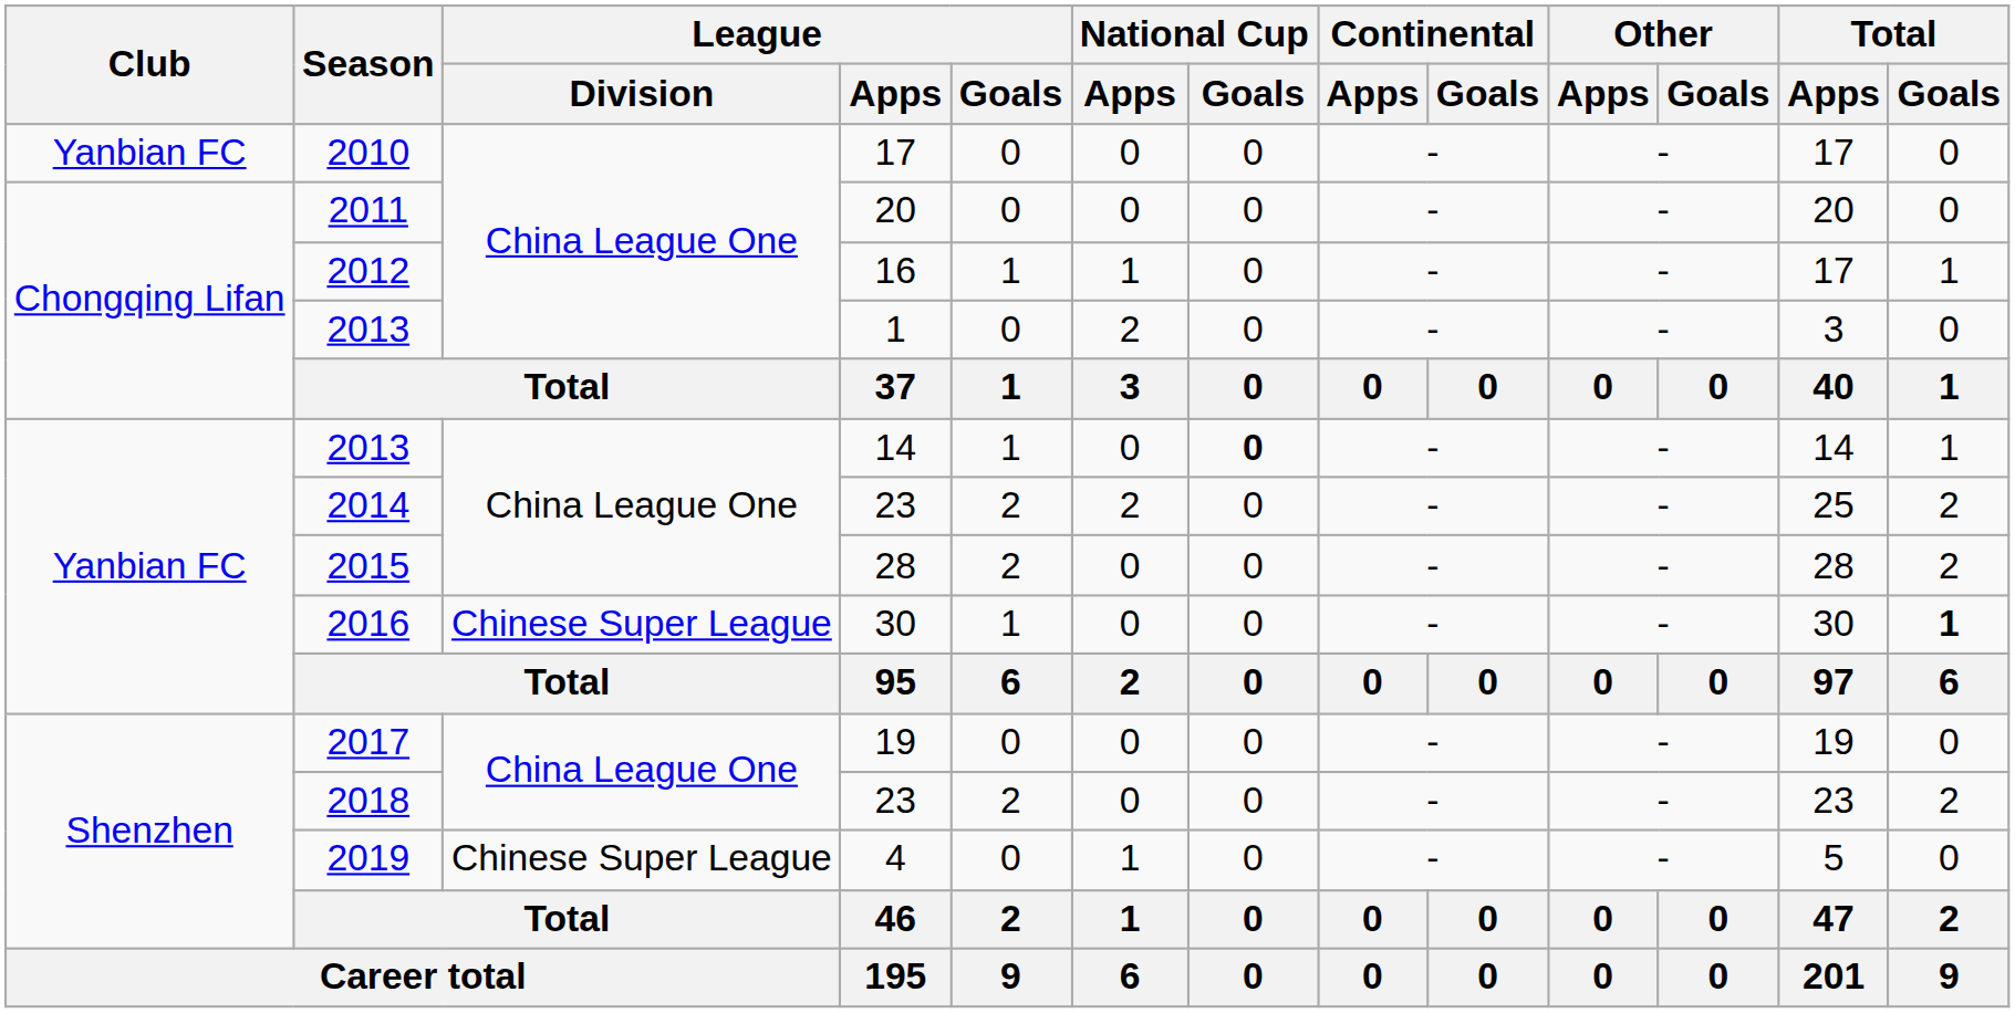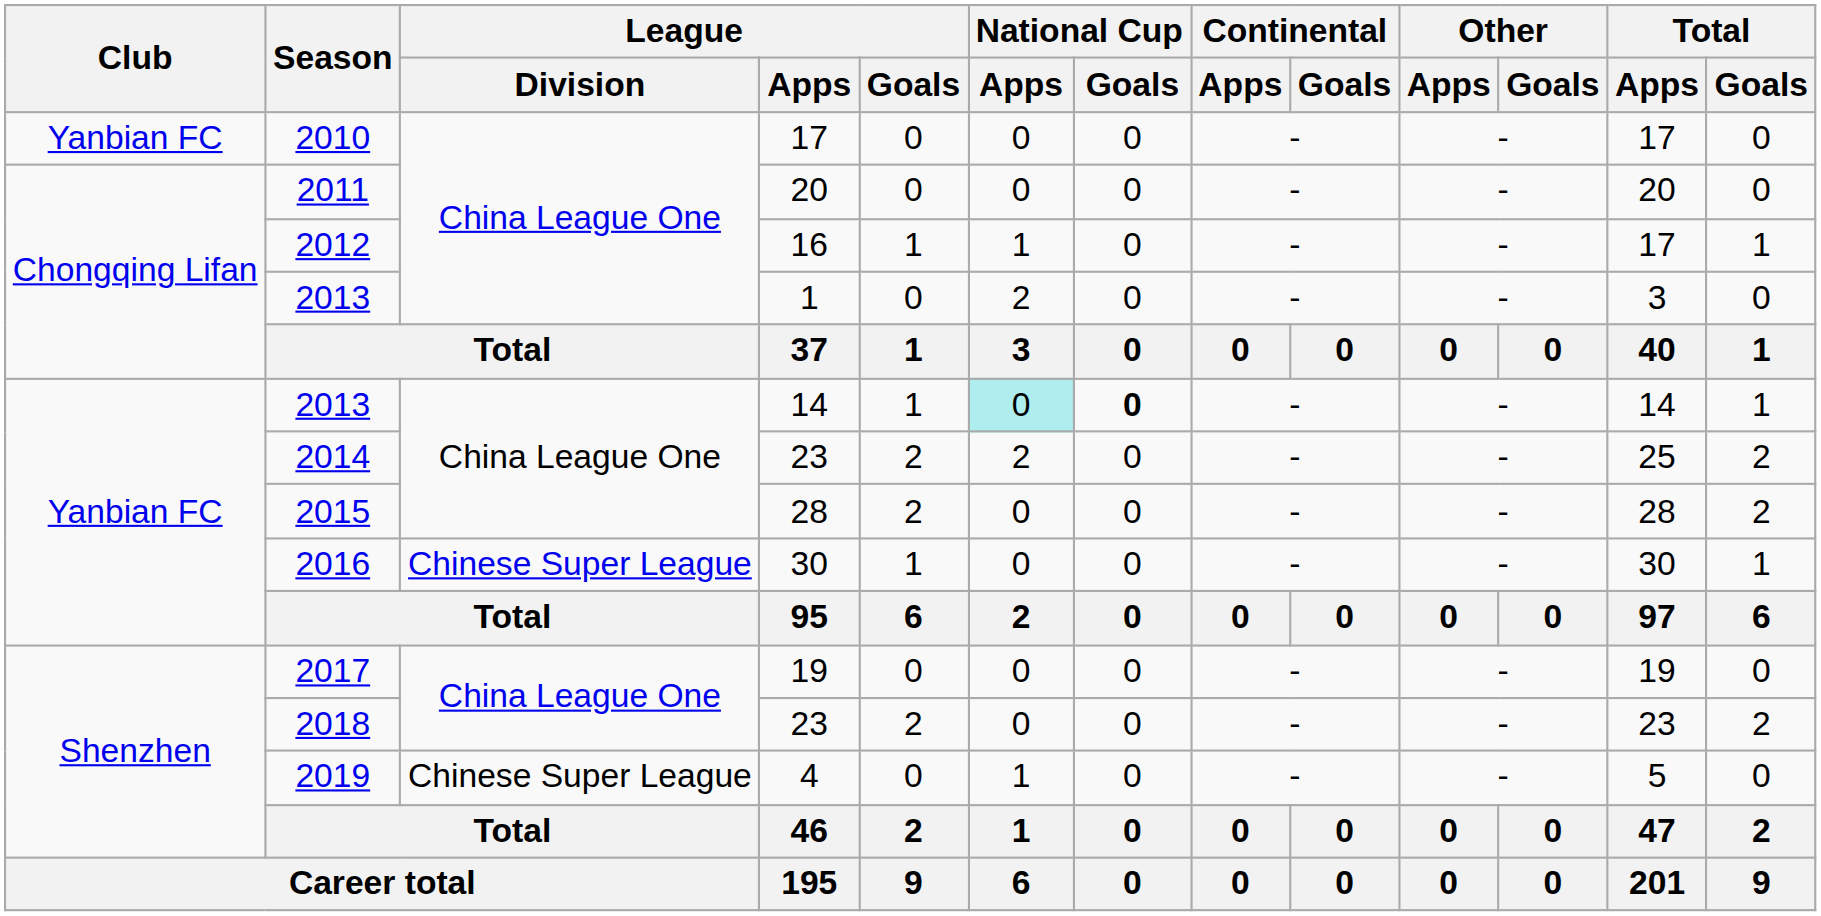 <table class="wikitable" style="text-align: center">
 <tr>
 <th rowspan="2">Club</th>
 <th rowspan="2">Season</th>
 <th colspan="3">League</th>
 <th colspan="2">National Cup</th>
 <th colspan="2">Continental</th>
 <th colspan="2">Other</th>
 <th colspan="2">Total</th>
 </tr>
 <tr>
 <th>Division</th>
 <th>Apps</th>
 <th>Goals</th>
 <th>Apps</th>
 <th>Goals</th>
 <th>Apps</th>
 <th>Goals</th>
 <th>Apps</th>
 <th>Goals</th>
 <th>Apps</th>
 <th>Goals</th>
 </tr>
 <tr>
 <td rowspan="1"><a href='#'>Yanbian FC</a></td>
 <td><a href='#'>2010</a></td>
 <td rowspan=4><a href='#'>China League One</a></td>
 <td>17</td>
 <td>0</td>
 <td>0</td>
 <td>0</td>
 <td colspan="2">-</td>
 <td colspan="2">-</td>
 <td>17</td>
 <td>0</td>
 </tr>
 <tr>
 <td rowspan=4><a href='#'>Chongqing Lifan</a></td>
 <td><a href='#'>2011</a></td>
 <td>20</td>
 <td>0</td>
 <td>0</td>
 <td>0</td>
 <td colspan="2">-</td>
 <td colspan="2">-</td>
 <td>20</td>
 <td>0</td>
 </tr>
 <tr>
 <td><a href='#'>2012</a></td>
 <td>16</td>
 <td>1</td>
 <td>1</td>
 <td>0</td>
 <td colspan="2">-</td>
 <td colspan="2">-</td>
 <td>17</td>
 <td>1</td>
 </tr>
 <tr>
 <td><a href='#'>2013</a></td>
 <td>1</td>
 <td>0</td>
 <td>2</td>
 <td>0</td>
 <td colspan="2">-</td>
 <td colspan="2">-</td>
 <td>3</td>
 <td>0</td>
 </tr>
 <tr>
 <th colspan=2>Total</th>
 <th>37</th>
 <th>1</th>
 <th>3</th>
 <th>0</th>
 <th>0</th>
 <th>0</th>
 <th>0</th>
 <th>0</th>
 <th>40</th>
 <th>1</th>
 </tr>
 <tr>
 <td rowspan=5><a href='#'>Yanbian FC</a></td>
 <td><a href='#'>2013</a></td>
 <td rowspan=3>China League One</td>
 <td>14</td>
 <td>1</td>
-<td>0</td>
+<td style="background: paleturquoise;">0</td>
 <td><strong>0</strong></td>
 <td colspan="2">-</td>
 <td colspan="2">-</td>
 <td>14</td>
 <td>1</td>
 </tr>
 <tr>
 <td><a href='#'>2014</a></td>
 <td>23</td>
 <td>2</td>
 <td>2</td>
 <td>0</td>
 <td colspan="2">-</td>
 <td colspan="2">-</td>
 <td>25</td>
 <td>2</td>
 </tr>
 <tr>
 <td><a href='#'>2015</a></td>
 <td>28</td>
 <td>2</td>
 <td>0</td>
 <td>0</td>
 <td colspan="2">-</td>
 <td colspan="2">-</td>
 <td>28</td>
 <td>2</td>
 </tr>
 <tr>
 <td><a href='#'>2016</a></td>
 <td><a href='#'>Chinese Super League</a></td>
 <td>30</td>
 <td>1</td>
 <td>0</td>
 <td>0</td>
 <td colspan="2">-</td>
 <td colspan="2">-</td>
 <td>30</td>
-<td><strong>1</strong></td>
+<td>1</td>
 </tr>
 <tr>
 <th colspan=2>Total</th>
 <th>95</th>
 <th>6</th>
 <th>2</th>
 <th>0</th>
 <th>0</th>
 <th>0</th>
 <th>0</th>
 <th>0</th>
 <th>97</th>
 <th>6</th>
 </tr>
 <tr>
 <td rowspan=4><a href='#'>Shenzhen</a></td>
 <td><a href='#'>2017</a></td>
 <td rowspan="2"><a href='#'>China League One</a></td>
 <td>19</td>
 <td>0</td>
 <td>0</td>
 <td>0</td>
 <td colspan="2">-</td>
 <td colspan="2">-</td>
 <td>19</td>
 <td>0</td>
 </tr>
 <tr>
 <td><a href='#'>2018</a></td>
 <td>23</td>
 <td>2</td>
 <td>0</td>
 <td>0</td>
 <td colspan="2">-</td>
 <td colspan="2">-</td>
 <td>23</td>
 <td>2</td>
 </tr>
 <tr>
 <td><a href='#'>2019</a></td>
 <td>Chinese Super League</td>
 <td>4</td>
 <td>0</td>
 <td>1</td>
 <td>0</td>
 <td colspan="2">-</td>
 <td colspan="2">-</td>
 <td>5</td>
 <td>0</td>
 </tr>
 <tr>
 <th colspan=2>Total</th>
 <th>46</th>
 <th>2</th>
 <th>1</th>
 <th>0</th>
 <th>0</th>
 <th>0</th>
 <th>0</th>
 <th>0</th>
 <th>47</th>
 <th>2</th>
 </tr>
 <tr>
 <th colspan=3>Career total</th>
 <th>195</th>
 <th>9</th>
 <th>6</th>
 <th>0</th>
 <th>0</th>
 <th>0</th>
 <th>0</th>
 <th>0</th>
 <th>201</th>
 <th>9</th>
 </tr>
 </table>
